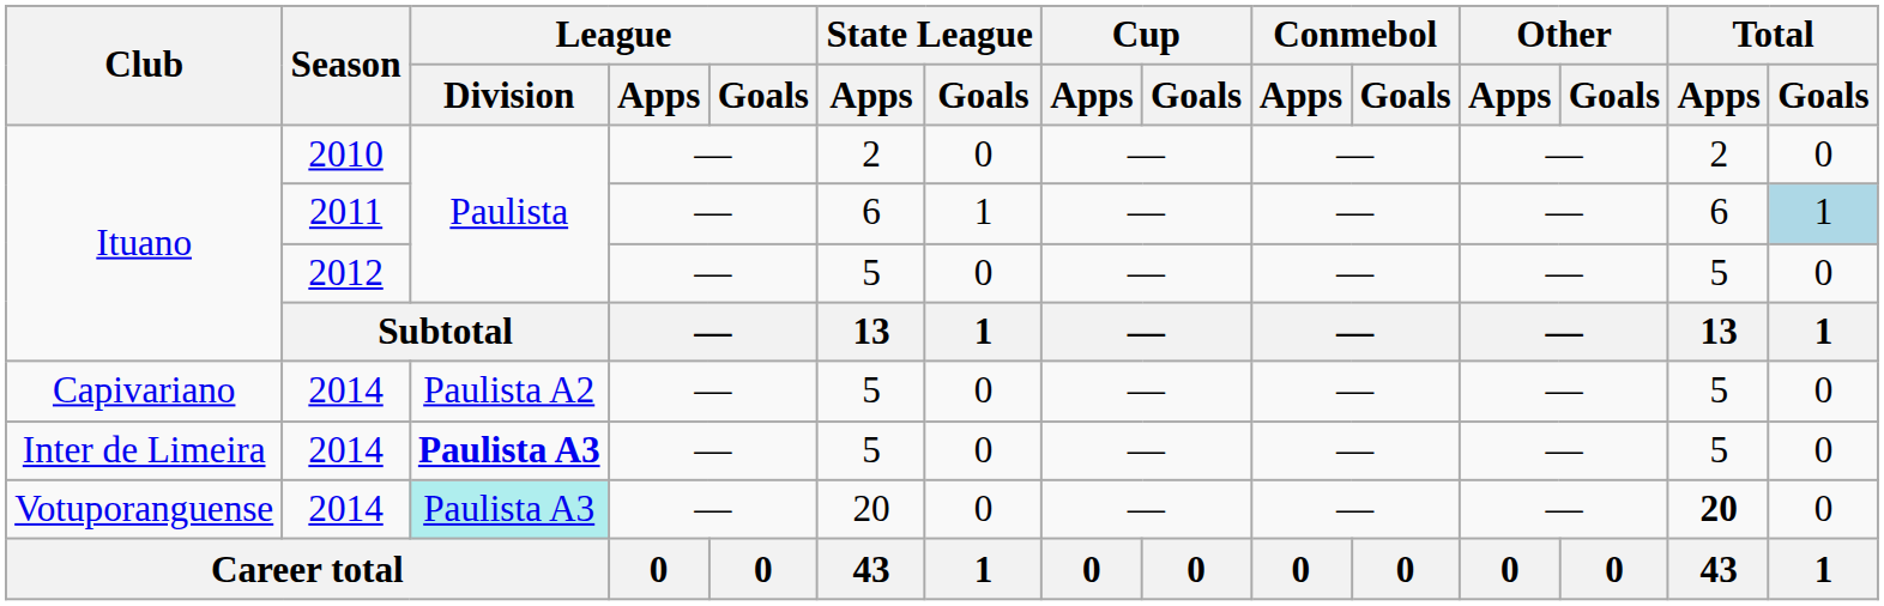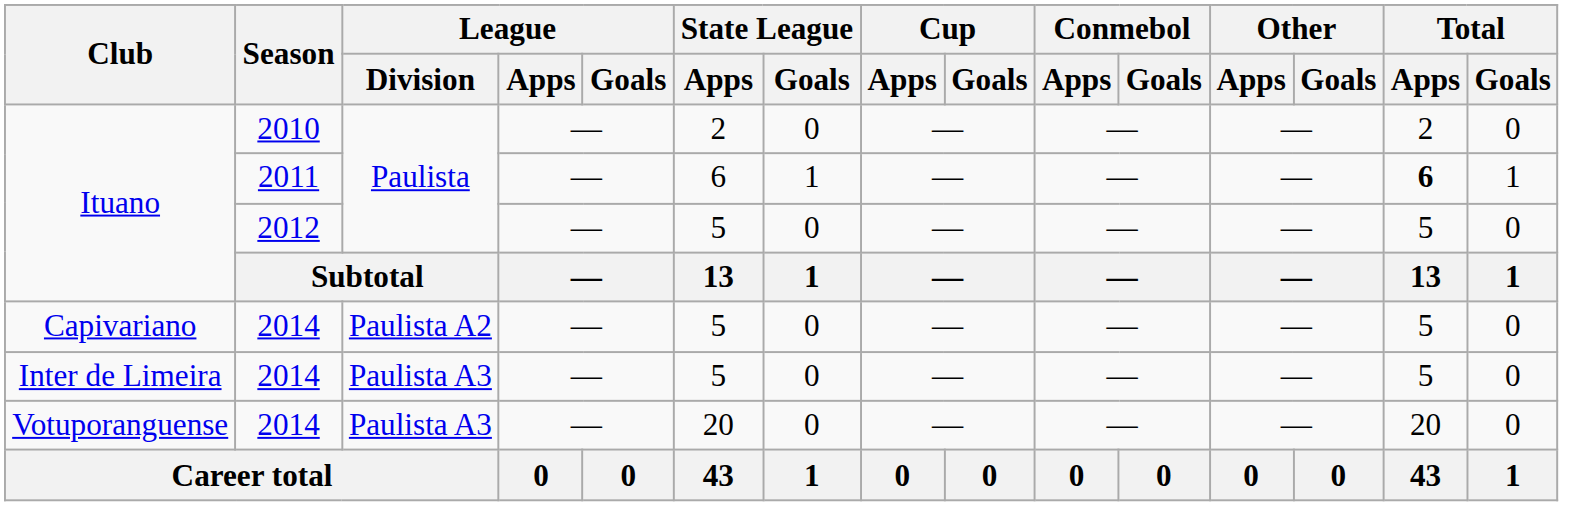 <table class="wikitable" style="text-align: center;">
 <tr>
 <th rowspan="2">Club</th>
 <th rowspan="2">Season</th>
 <th colspan="3">League</th>
 <th colspan="2">State League</th>
 <th colspan="2">Cup</th>
 <th colspan="2">Conmebol</th>
 <th colspan="2">Other</th>
 <th colspan="2">Total</th>
 </tr>
 <tr>
 <th>Division</th>
 <th>Apps</th>
 <th>Goals</th>
 <th>Apps</th>
 <th>Goals</th>
 <th>Apps</th>
 <th>Goals</th>
 <th>Apps</th>
 <th>Goals</th>
 <th>Apps</th>
 <th>Goals</th>
 <th>Apps</th>
 <th>Goals</th>
 </tr>
 <tr>
 <td rowspan=4 valign="center"><a href='#'>Ituano</a></td>
 <td><a href='#'>2010</a></td>
 <td rowspan=3><a href='#'>Paulista</a></td>
 <td colspan="2">—</td>
 <td>2</td>
 <td>0</td>
 <td colspan="2">—</td>
 <td colspan="2">—</td>
 <td colspan="2">—</td>
 <td>2</td>
 <td>0</td>
 </tr>
 <tr>
 <td><a href='#'>2011</a></td>
 <td colspan="2">—</td>
 <td>6</td>
 <td>1</td>
 <td colspan="2">—</td>
 <td colspan="2">—</td>
 <td colspan="2">—</td>
-<td>6</td>
-<td style="background: lightblue;">1</td>
+<td><strong>6</strong></td>
+<td>1</td>
 </tr>
 <tr>
 <td><a href='#'>2012</a></td>
 <td colspan="2">—</td>
 <td>5</td>
 <td>0</td>
 <td colspan="2">—</td>
 <td colspan="2">—</td>
 <td colspan="2">—</td>
 <td>5</td>
 <td>0</td>
 </tr>
 <tr>
 <th colspan="2">Subtotal</th>
 <th colspan="2">—</th>
 <th>13</th>
 <th>1</th>
 <th colspan="2">—</th>
 <th colspan="2">—</th>
 <th colspan="2">—</th>
 <th>13</th>
 <th>1</th>
 </tr>
 <tr>
 <td valign="center"><a href='#'>Capivariano</a></td>
 <td><a href='#'>2014</a></td>
 <td><a href='#'>Paulista A2</a></td>
 <td colspan="2">—</td>
 <td>5</td>
 <td>0</td>
 <td colspan="2">—</td>
 <td colspan="2">—</td>
 <td colspan="2">—</td>
 <td>5</td>
 <td>0</td>
 </tr>
 <tr>
 <td valign="center"><a href='#'>Inter de Limeira</a></td>
 <td><a href='#'>2014</a></td>
-<td><strong><a href='#'>Paulista A3</a></strong></td>
+<td><a href='#'>Paulista A3</a></td>
 <td colspan="2">—</td>
 <td>5</td>
 <td>0</td>
 <td colspan="2">—</td>
 <td colspan="2">—</td>
 <td colspan="2">—</td>
 <td>5</td>
 <td>0</td>
 </tr>
 <tr>
 <td valign="center"><a href='#'>Votuporanguense</a></td>
 <td><a href='#'>2014</a></td>
-<td style="background: paleturquoise;"><a href='#'>Paulista A3</a></td>
+<td><a href='#'>Paulista A3</a></td>
 <td colspan="2">—</td>
 <td>20</td>
 <td>0</td>
 <td colspan="2">—</td>
 <td colspan="2">—</td>
 <td colspan="2">—</td>
-<td><strong>20</strong></td>
+<td>20</td>
 <td>0</td>
 </tr>
 <tr>
 <th colspan="3"><strong>Career total</strong></th>
 <th>0</th>
 <th>0</th>
 <th>43</th>
 <th>1</th>
 <th>0</th>
 <th>0</th>
 <th>0</th>
 <th>0</th>
 <th>0</th>
 <th>0</th>
 <th>43</th>
 <th>1</th>
 </tr>
 </table>
